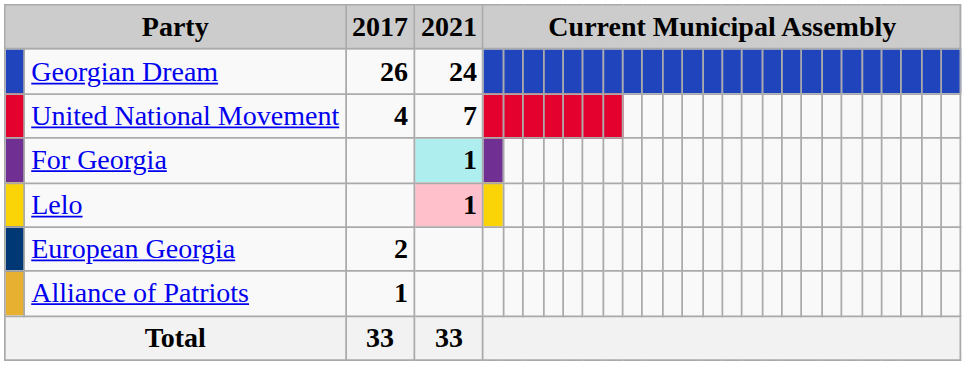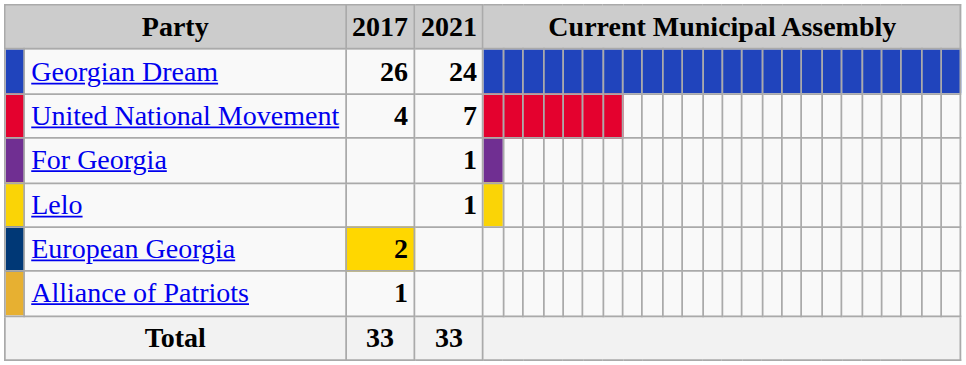 <table class="wikitable">
 <tr>
 <th style="background:#ccc" colspan="2">Party</th>
 <th style="background:#ccc">2017</th>
 <th style="background:#ccc">2021</th>
 <th style="background:#ccc" colspan="45">Current Municipal Assembly</th>
 </tr>
 <tr>
 <td style="background-color: #2044BC"> </td>
 <td><a href='#'>Georgian Dream</a></td>
 <td style="text-align: right"><strong>26</strong></td>
 <td style="text-align: right"><strong>24</strong></td>
 <td style="background-color: #2044BC"> </td>
 <td style="background-color: #2044BC"> </td>
 <td style="background-color: #2044BC"> </td>
 <td style="background-color: #2044BC"> </td>
 <td style="background-color: #2044BC"> </td>
 <td style="background-color: #2044BC"> </td>
 <td style="background-color: #2044BC"> </td>
 <td style="background-color: #2044BC"> </td>
 <td style="background-color: #2044BC"> </td>
 <td style="background-color: #2044BC"> </td>
 <td style="background-color: #2044BC"> </td>
 <td style="background-color: #2044BC"> </td>
 <td style="background-color: #2044BC"> </td>
 <td style="background-color: #2044BC"> </td>
 <td style="background-color: #2044BC"> </td>
 <td style="background-color: #2044BC"> </td>
 <td style="background-color: #2044BC"> </td>
 <td style="background-color: #2044BC"> </td>
 <td style="background-color: #2044BC"> </td>
 <td style="background-color: #2044BC"> </td>
 <td style="background-color: #2044BC"> </td>
 <td style="background-color: #2044BC"> </td>
 <td style="background-color: #2044BC"> </td>
 <td style="background-color: #2044BC"> </td>
 </tr>
 <tr>
 <td style="background-color: #e4012e"> </td>
 <td><a href='#'>United National Movement</a></td>
 <td style="text-align: right"><strong>4</strong></td>
 <td style="text-align: right"><strong>7</strong></td>
 <td style="background-color: #e4012e"> </td>
 <td style="background-color: #e4012e"> </td>
 <td style="background-color: #e4012e"> </td>
 <td style="background-color: #e4012e"> </td>
 <td style="background-color: #e4012e"> </td>
 <td style="background-color: #e4012e"> </td>
 <td style="background-color: #e4012e"> </td>
 <td></td>
 <td></td>
 <td></td>
 <td></td>
 <td></td>
 <td></td>
 <td></td>
 <td></td>
 <td></td>
 <td></td>
 <td></td>
 <td></td>
 <td></td>
 <td></td>
 <td></td>
 <td></td>
 <td></td>
 </tr>
 <tr>
 <td style="background-color: #702F92"> </td>
 <td><a href='#'>For Georgia</a></td>
 <td></td>
-<td style="background: paleturquoise; text-align: right"><strong>1</strong></td>
+<td style="text-align: right"><strong>1</strong></td>
 <td style="background-color: #702F92"> </td>
 <td></td>
 <td></td>
 <td></td>
 <td></td>
 <td></td>
 <td></td>
 <td></td>
 <td></td>
 <td></td>
 <td></td>
 <td></td>
 <td></td>
 <td></td>
 <td></td>
 <td></td>
 <td></td>
 <td></td>
 <td></td>
 <td></td>
 <td></td>
 <td></td>
 <td></td>
 <td></td>
 </tr>
 <tr>
 <td style="background-color: #fad406"> </td>
 <td><a href='#'>Lelo</a></td>
 <td></td>
-<td style="background: pink; text-align: right"><strong>1</strong></td>
+<td style="text-align: right"><strong>1</strong></td>
 <td style="background-color: #fad406"> </td>
 <td></td>
 <td></td>
 <td></td>
 <td></td>
 <td></td>
 <td></td>
 <td></td>
 <td></td>
 <td></td>
 <td></td>
 <td></td>
 <td></td>
 <td></td>
 <td></td>
 <td></td>
 <td></td>
 <td></td>
 <td></td>
 <td></td>
 <td></td>
 <td></td>
 <td></td>
 <td></td>
 </tr>
 <tr>
 <td style="background-color: #003876"> </td>
 <td><a href='#'>European Georgia</a></td>
-<td style="text-align: right"><strong>2</strong></td>
+<td style="background: gold; text-align: right"><strong>2</strong></td>
 <td></td>
 <td></td>
 <td></td>
 <td></td>
 <td></td>
 <td></td>
 <td></td>
 <td></td>
 <td></td>
 <td></td>
 <td></td>
 <td></td>
 <td></td>
 <td></td>
 <td></td>
 <td></td>
 <td></td>
 <td></td>
 <td></td>
 <td></td>
 <td></td>
 <td></td>
 <td></td>
 <td></td>
 <td></td>
 </tr>
 <tr>
 <td style="background-color: #e7b031"> </td>
 <td><a href='#'>Alliance of Patriots</a></td>
 <td style="text-align: right"><strong>1</strong></td>
 <td></td>
 <td></td>
 <td></td>
 <td></td>
 <td></td>
 <td></td>
 <td></td>
 <td></td>
 <td></td>
 <td></td>
 <td></td>
 <td></td>
 <td></td>
 <td></td>
 <td></td>
 <td></td>
 <td></td>
 <td></td>
 <td></td>
 <td></td>
 <td></td>
 <td></td>
 <td></td>
 <td></td>
 <td></td>
 </tr>
 <tr>
 <th colspan=2>Total</th>
 <th align=right>33</th>
 <th align=right>33</th>
 <th colspan=45> </th>
 </tr>
 </table>
